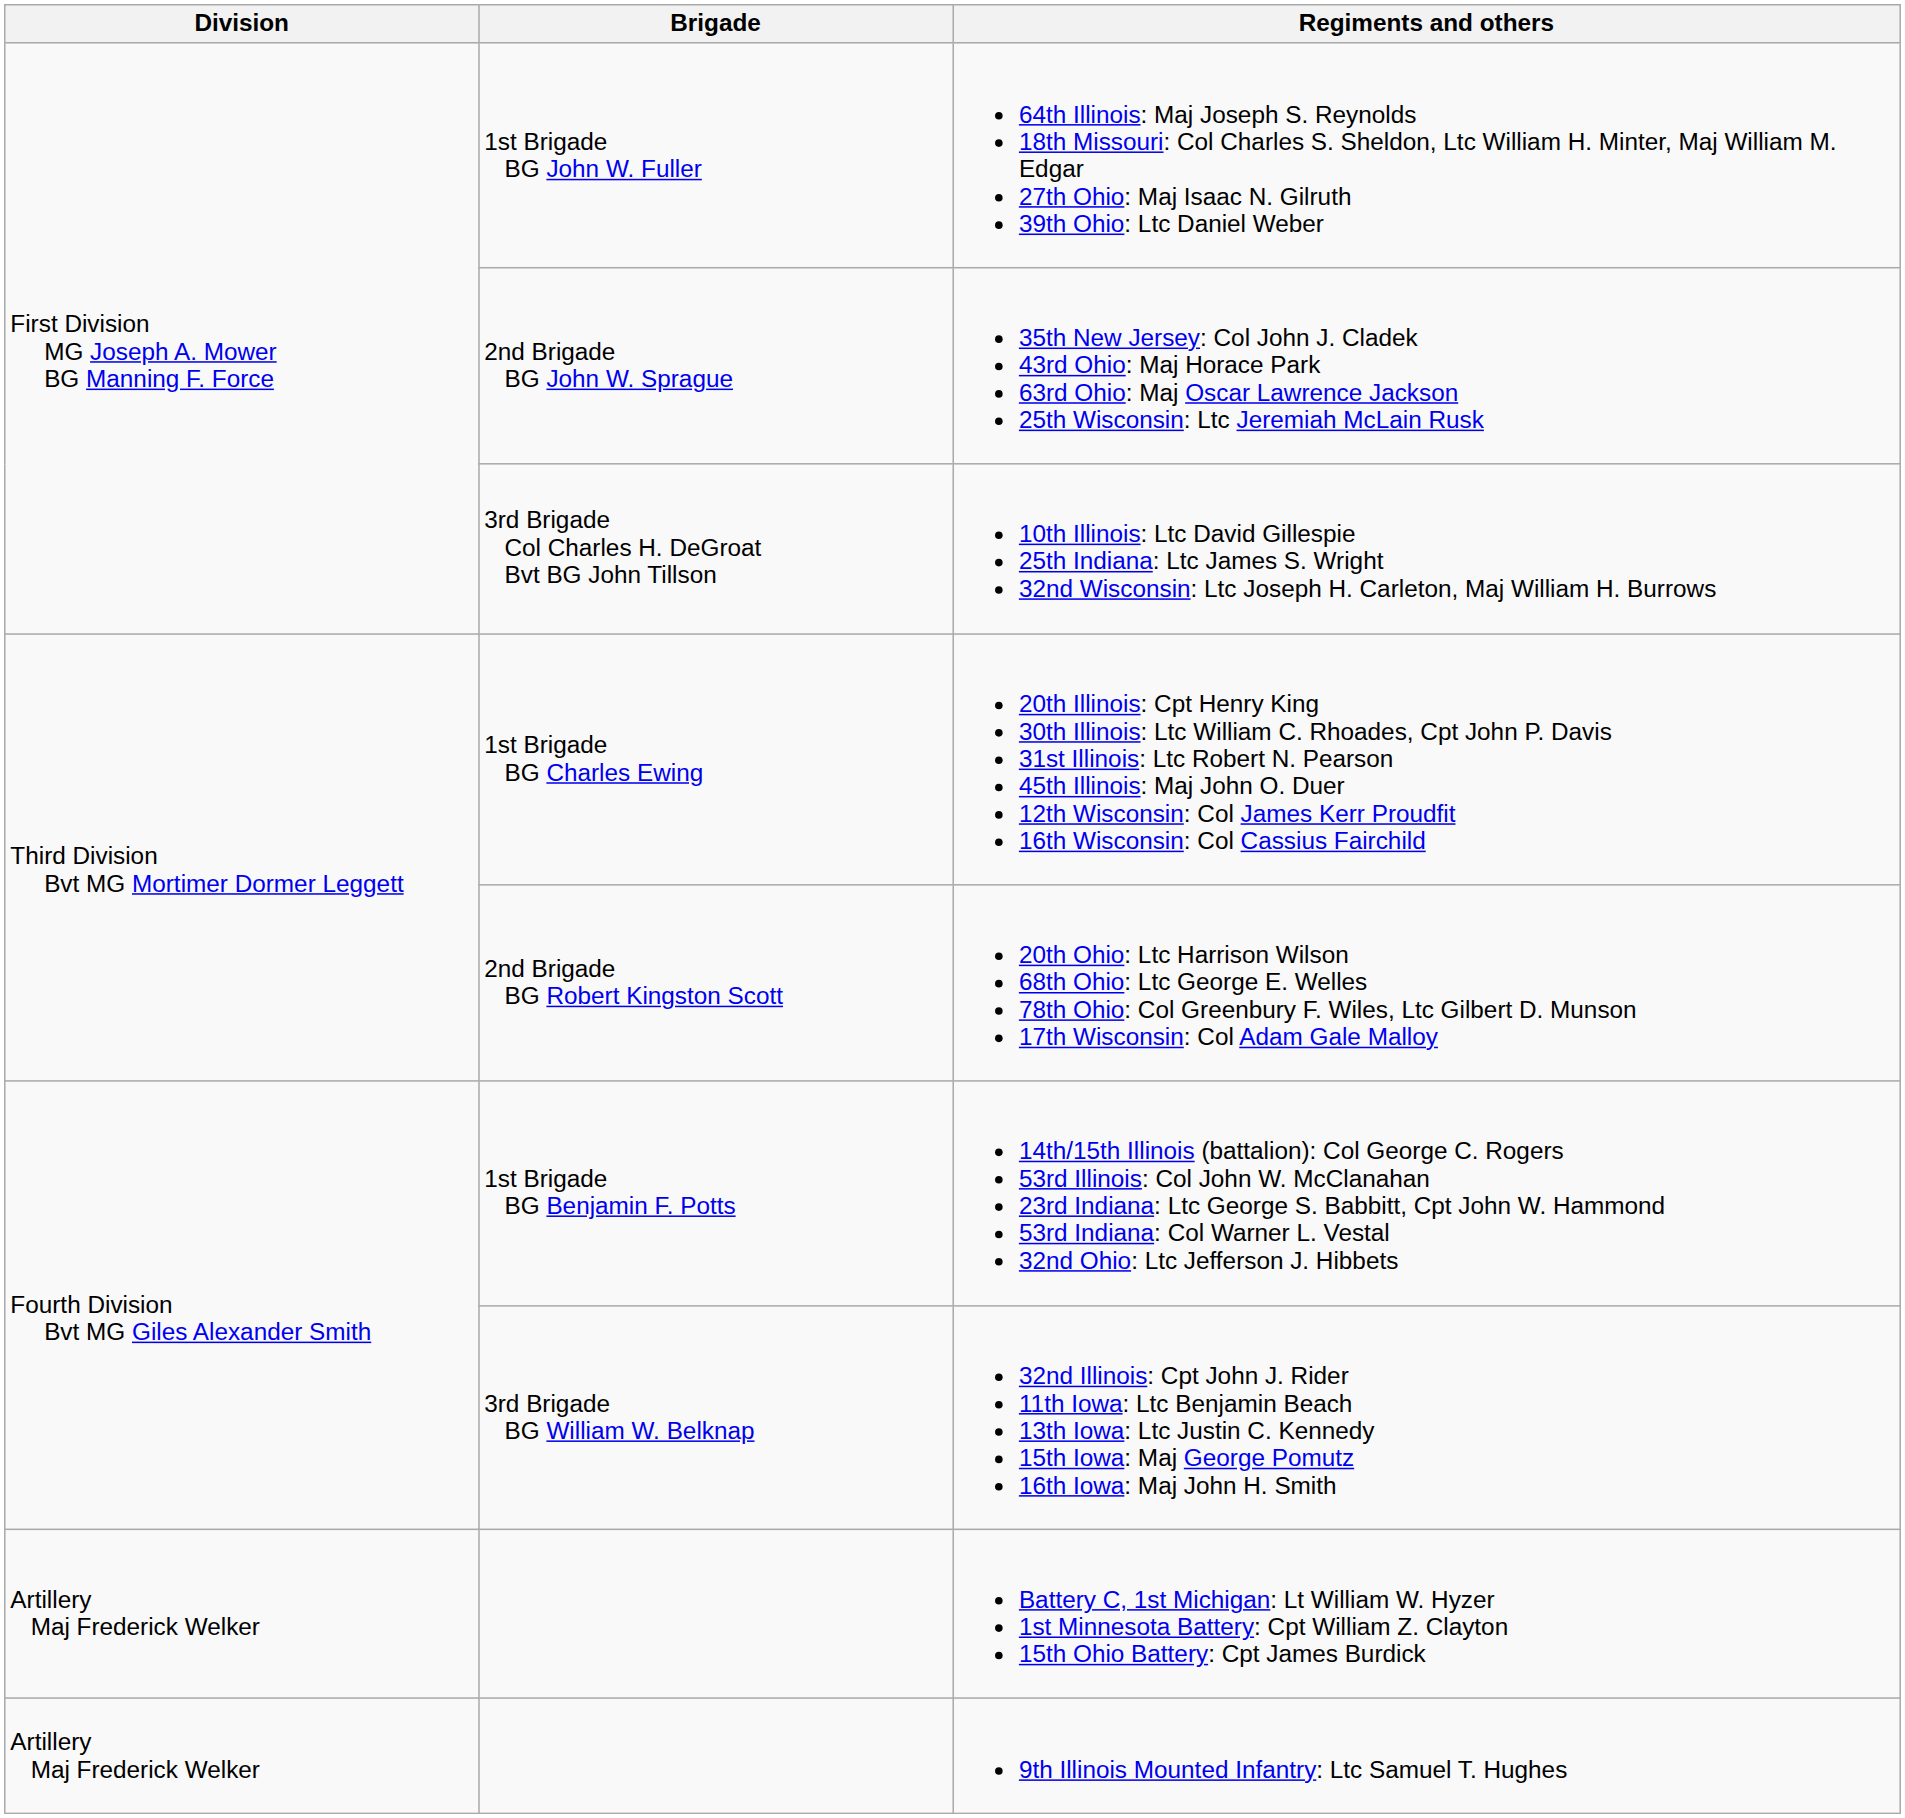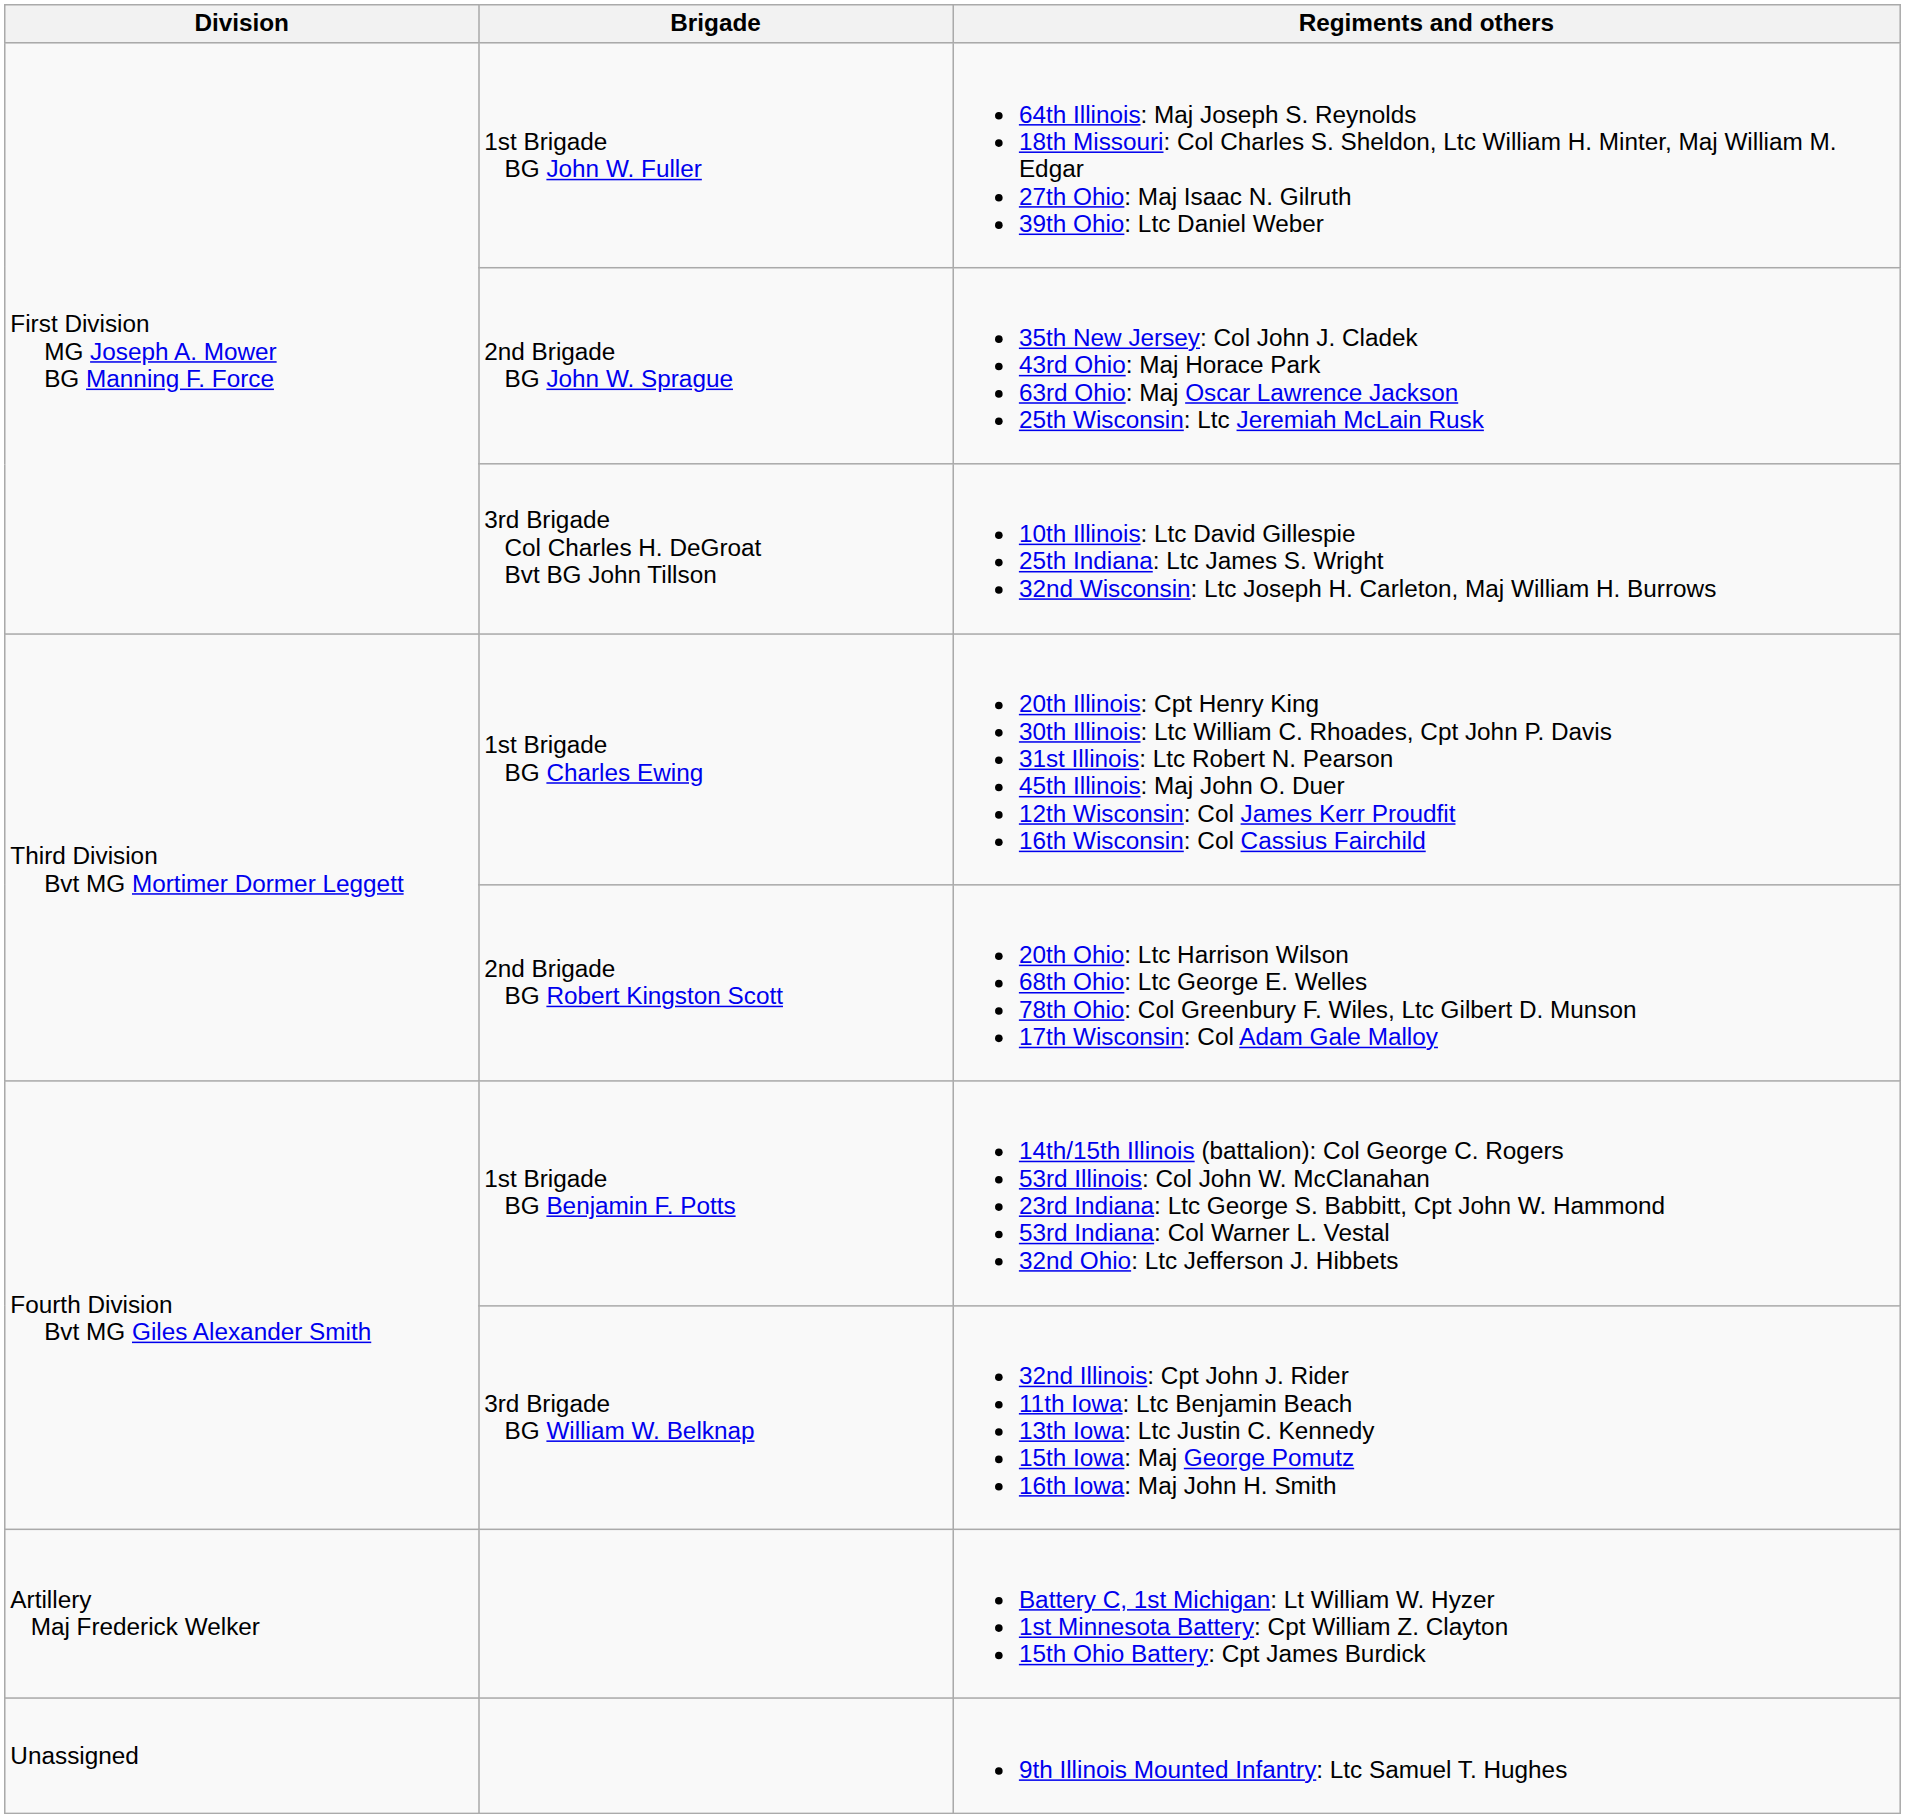 <table class="wikitable">
 <tr>
 <th width=25%>Division</th>
 <th width=25%>Brigade</th>
 <th>Regiments and others</th>
 </tr>
 <tr>
 <td rowspan=3><br>First Division <br>     MG <a href='#'>Joseph A. Mower</a><br>     BG <a href='#'>Manning F. Force</a></td>
 <td>1st Brigade<br>   BG <a href='#'>John W. Fuller</a></td>
 <td><br><ul><li><a href='#'>64th Illinois</a>: Maj Joseph S. Reynolds</li><li><a href='#'>18th Missouri</a>: Col Charles S. Sheldon, Ltc William H. Minter, Maj William M. Edgar</li><li><a href='#'>27th Ohio</a>: Maj Isaac N. Gilruth</li><li><a href='#'>39th Ohio</a>: Ltc Daniel Weber</li></ul></td>
 </tr>
 <tr>
 <td>2nd Brigade<br>   BG <a href='#'>John W. Sprague</a></td>
 <td><br><ul><li><a href='#'>35th New Jersey</a>: Col John J. Cladek</li><li><a href='#'>43rd Ohio</a>: Maj Horace Park</li><li><a href='#'>63rd Ohio</a>: Maj <a href='#'>Oscar Lawrence Jackson</a></li><li><a href='#'>25th Wisconsin</a>: Ltc <a href='#'>Jeremiah McLain Rusk</a></li></ul></td>
 </tr>
 <tr>
 <td>3rd Brigade<br>   Col Charles H. DeGroat<br>   Bvt BG John Tillson</td>
 <td><br><ul><li><a href='#'>10th Illinois</a>: Ltc David Gillespie</li><li><a href='#'>25th Indiana</a>: Ltc James S. Wright</li><li><a href='#'>32nd Wisconsin</a>: Ltc Joseph H. Carleton, Maj William H. Burrows</li></ul></td>
 </tr>
 <tr>
 <td rowspan=2><br>Third Division <br>     Bvt MG <a href='#'>Mortimer Dormer Leggett</a></td>
 <td>1st Brigade<br>   BG <a href='#'>Charles Ewing</a></td>
 <td><br><ul><li><a href='#'>20th Illinois</a>: Cpt Henry King</li><li><a href='#'>30th Illinois</a>: Ltc William C. Rhoades, Cpt John P. Davis</li><li><a href='#'>31st Illinois</a>: Ltc Robert N. Pearson</li><li><a href='#'>45th Illinois</a>: Maj John O. Duer</li><li><a href='#'>12th Wisconsin</a>: Col <a href='#'>James Kerr Proudfit</a></li><li><a href='#'>16th Wisconsin</a>: Col <a href='#'>Cassius Fairchild</a></li></ul></td>
 </tr>
 <tr>
 <td>2nd Brigade<br>   BG <a href='#'>Robert Kingston Scott</a></td>
 <td><br><ul><li><a href='#'>20th Ohio</a>: Ltc Harrison Wilson</li><li><a href='#'>68th Ohio</a>: Ltc George E. Welles</li><li><a href='#'>78th Ohio</a>: Col Greenbury F. Wiles, Ltc Gilbert D. Munson</li><li><a href='#'>17th Wisconsin</a>: Col <a href='#'>Adam Gale Malloy</a></li></ul></td>
 </tr>
 <tr>
 <td rowspan=2><br>Fourth Division <br>     Bvt MG <a href='#'>Giles Alexander Smith</a></td>
 <td>1st Brigade<br>   BG <a href='#'>Benjamin F. Potts</a></td>
 <td><br><ul><li><a href='#'>14th/15th Illinois</a> (battalion): Col George C. Rogers</li><li><a href='#'>53rd Illinois</a>: Col John W. McClanahan</li><li><a href='#'>23rd Indiana</a>: Ltc George S. Babbitt, Cpt John W. Hammond</li><li><a href='#'>53rd Indiana</a>: Col Warner L. Vestal</li><li><a href='#'>32nd Ohio</a>: Ltc Jefferson J. Hibbets</li></ul></td>
 </tr>
 <tr>
 <td>3rd Brigade<br>   BG <a href='#'>William W. Belknap</a></td>
 <td><br><ul><li><a href='#'>32nd Illinois</a>: Cpt John J. Rider</li><li><a href='#'>11th Iowa</a>: Ltc Benjamin Beach</li><li><a href='#'>13th Iowa</a>: Ltc Justin C. Kennedy</li><li><a href='#'>15th Iowa</a>: Maj <a href='#'>George Pomutz</a></li><li><a href='#'>16th Iowa</a>: Maj John H. Smith</li></ul></td>
 </tr>
 <tr>
 <td>Artillery<br>   Maj Frederick Welker</td>
 <td></td>
 <td><br><ul><li><a href='#'>Battery C, 1st Michigan</a>: Lt William W. Hyzer</li><li><a href='#'>1st Minnesota Battery</a>: Cpt William Z. Clayton</li><li><a href='#'>15th Ohio Battery</a>: Cpt James Burdick</li></ul></td>
 </tr>
 <tr>
-<td>Artillery<br>   Maj Frederick Welker</td>
+<td>Unassigned</td>
 <td></td>
 <td><br><ul><li><a href='#'>9th Illinois Mounted Infantry</a>: Ltc Samuel T. Hughes</li></ul></td>
 </tr>
 <tr>
 </tr>
 </table>
